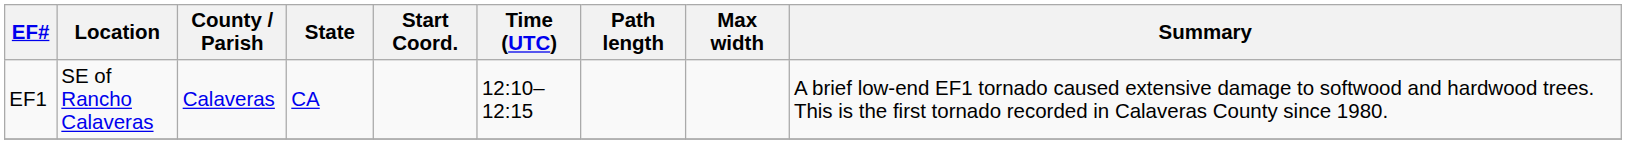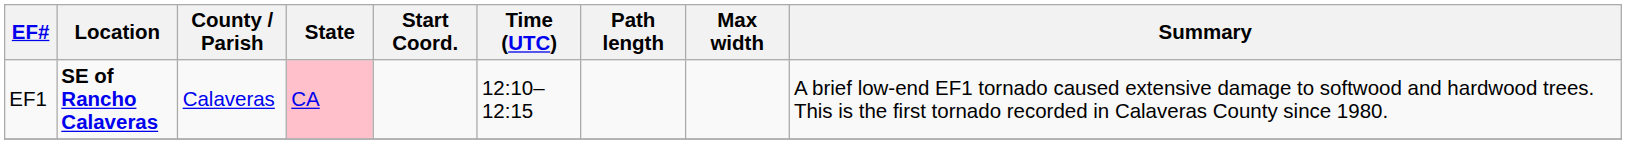 <table class="wikitable sortable" style="width:100%;">
 <tr>
 <th scope="col"  style="width:3%; text-align:center;"><a href='#'>EF#</a></th>
 <th scope="col"  style="width:7%; text-align:center;" class="unsortable">Location</th>
 <th scope="col"  style="width:6%; text-align:center;" class="unsortable">County / Parish</th>
 <th scope="col"  style="width:5%; text-align:center;">State</th>
 <th scope="col"  style="width:6%; text-align:center;">Start Coord.</th>
 <th scope="col"  style="width:6%; text-align:center;">Time (<a href='#'>UTC</a>)</th>
 <th scope="col"  style="width:6%; text-align:center;">Path length</th>
 <th scope="col"  style="width:6%; text-align:center;">Max width</th>
 <th scope="col" class="unsortable" style="width:48%; text-align:center;">Summary</th>
 </tr>
 <tr>
 <td>EF1</td>
-<td>SE of <a href='#'>Rancho Calaveras</a></td>
+<td><strong>SE of <a href='#'>Rancho Calaveras</a></strong></td>
 <td><a href='#'>Calaveras</a></td>
-<td><a href='#'>CA</a></td>
+<td style="background: pink;"><a href='#'>CA</a></td>
 <td></td>
 <td>12:10–12:15</td>
 <td></td>
 <td></td>
 <td>A brief low-end EF1 tornado caused extensive damage to softwood and hardwood trees. This is the first tornado recorded in Calaveras County since 1980.</td>
 </tr>
 <tr>
 </tr>
 </table>
